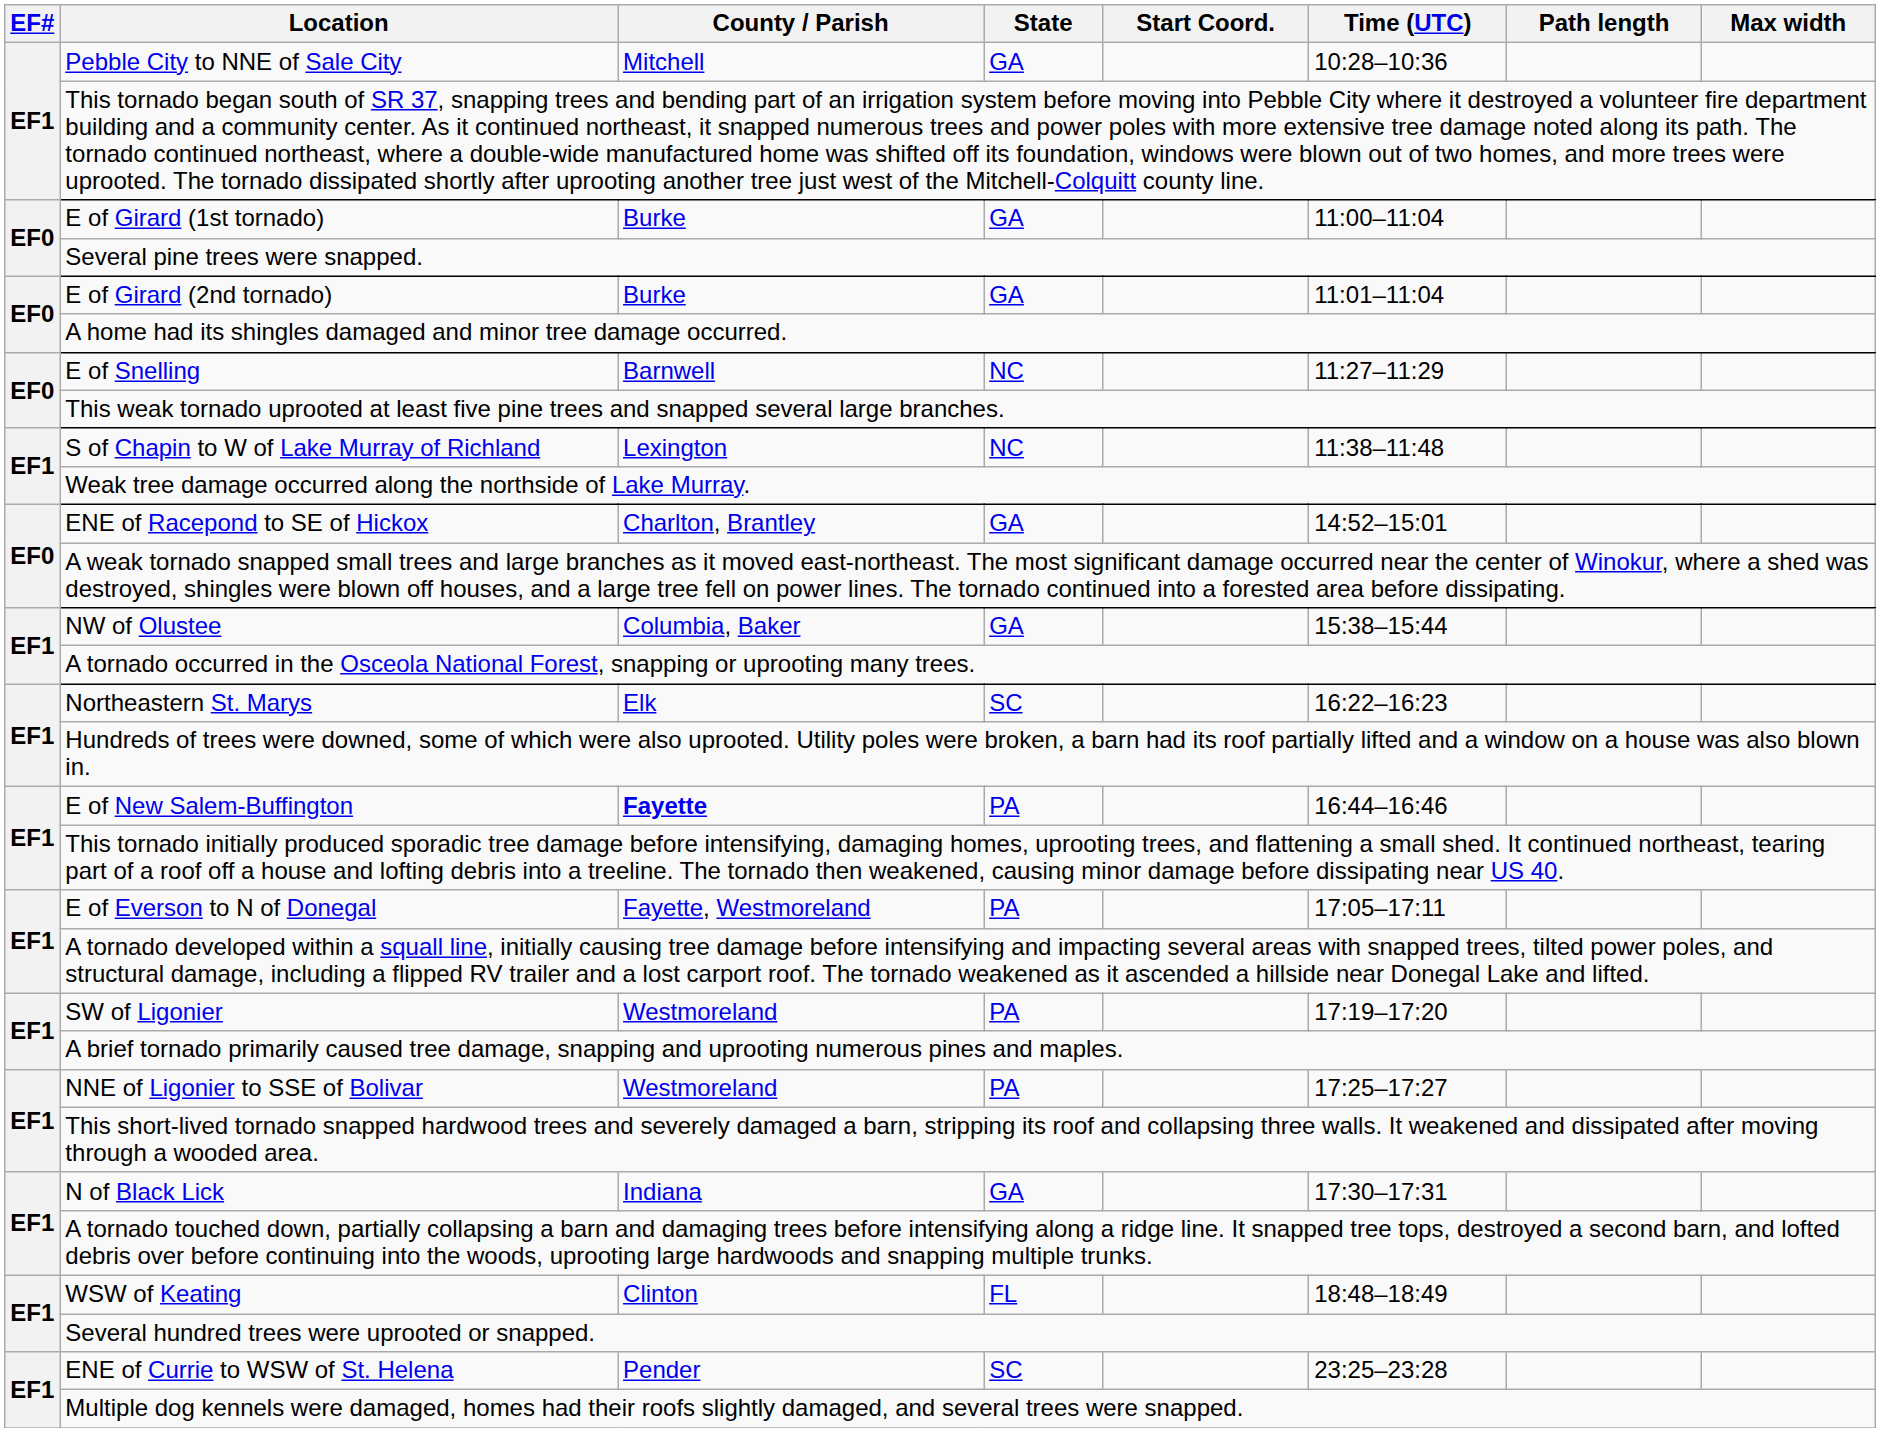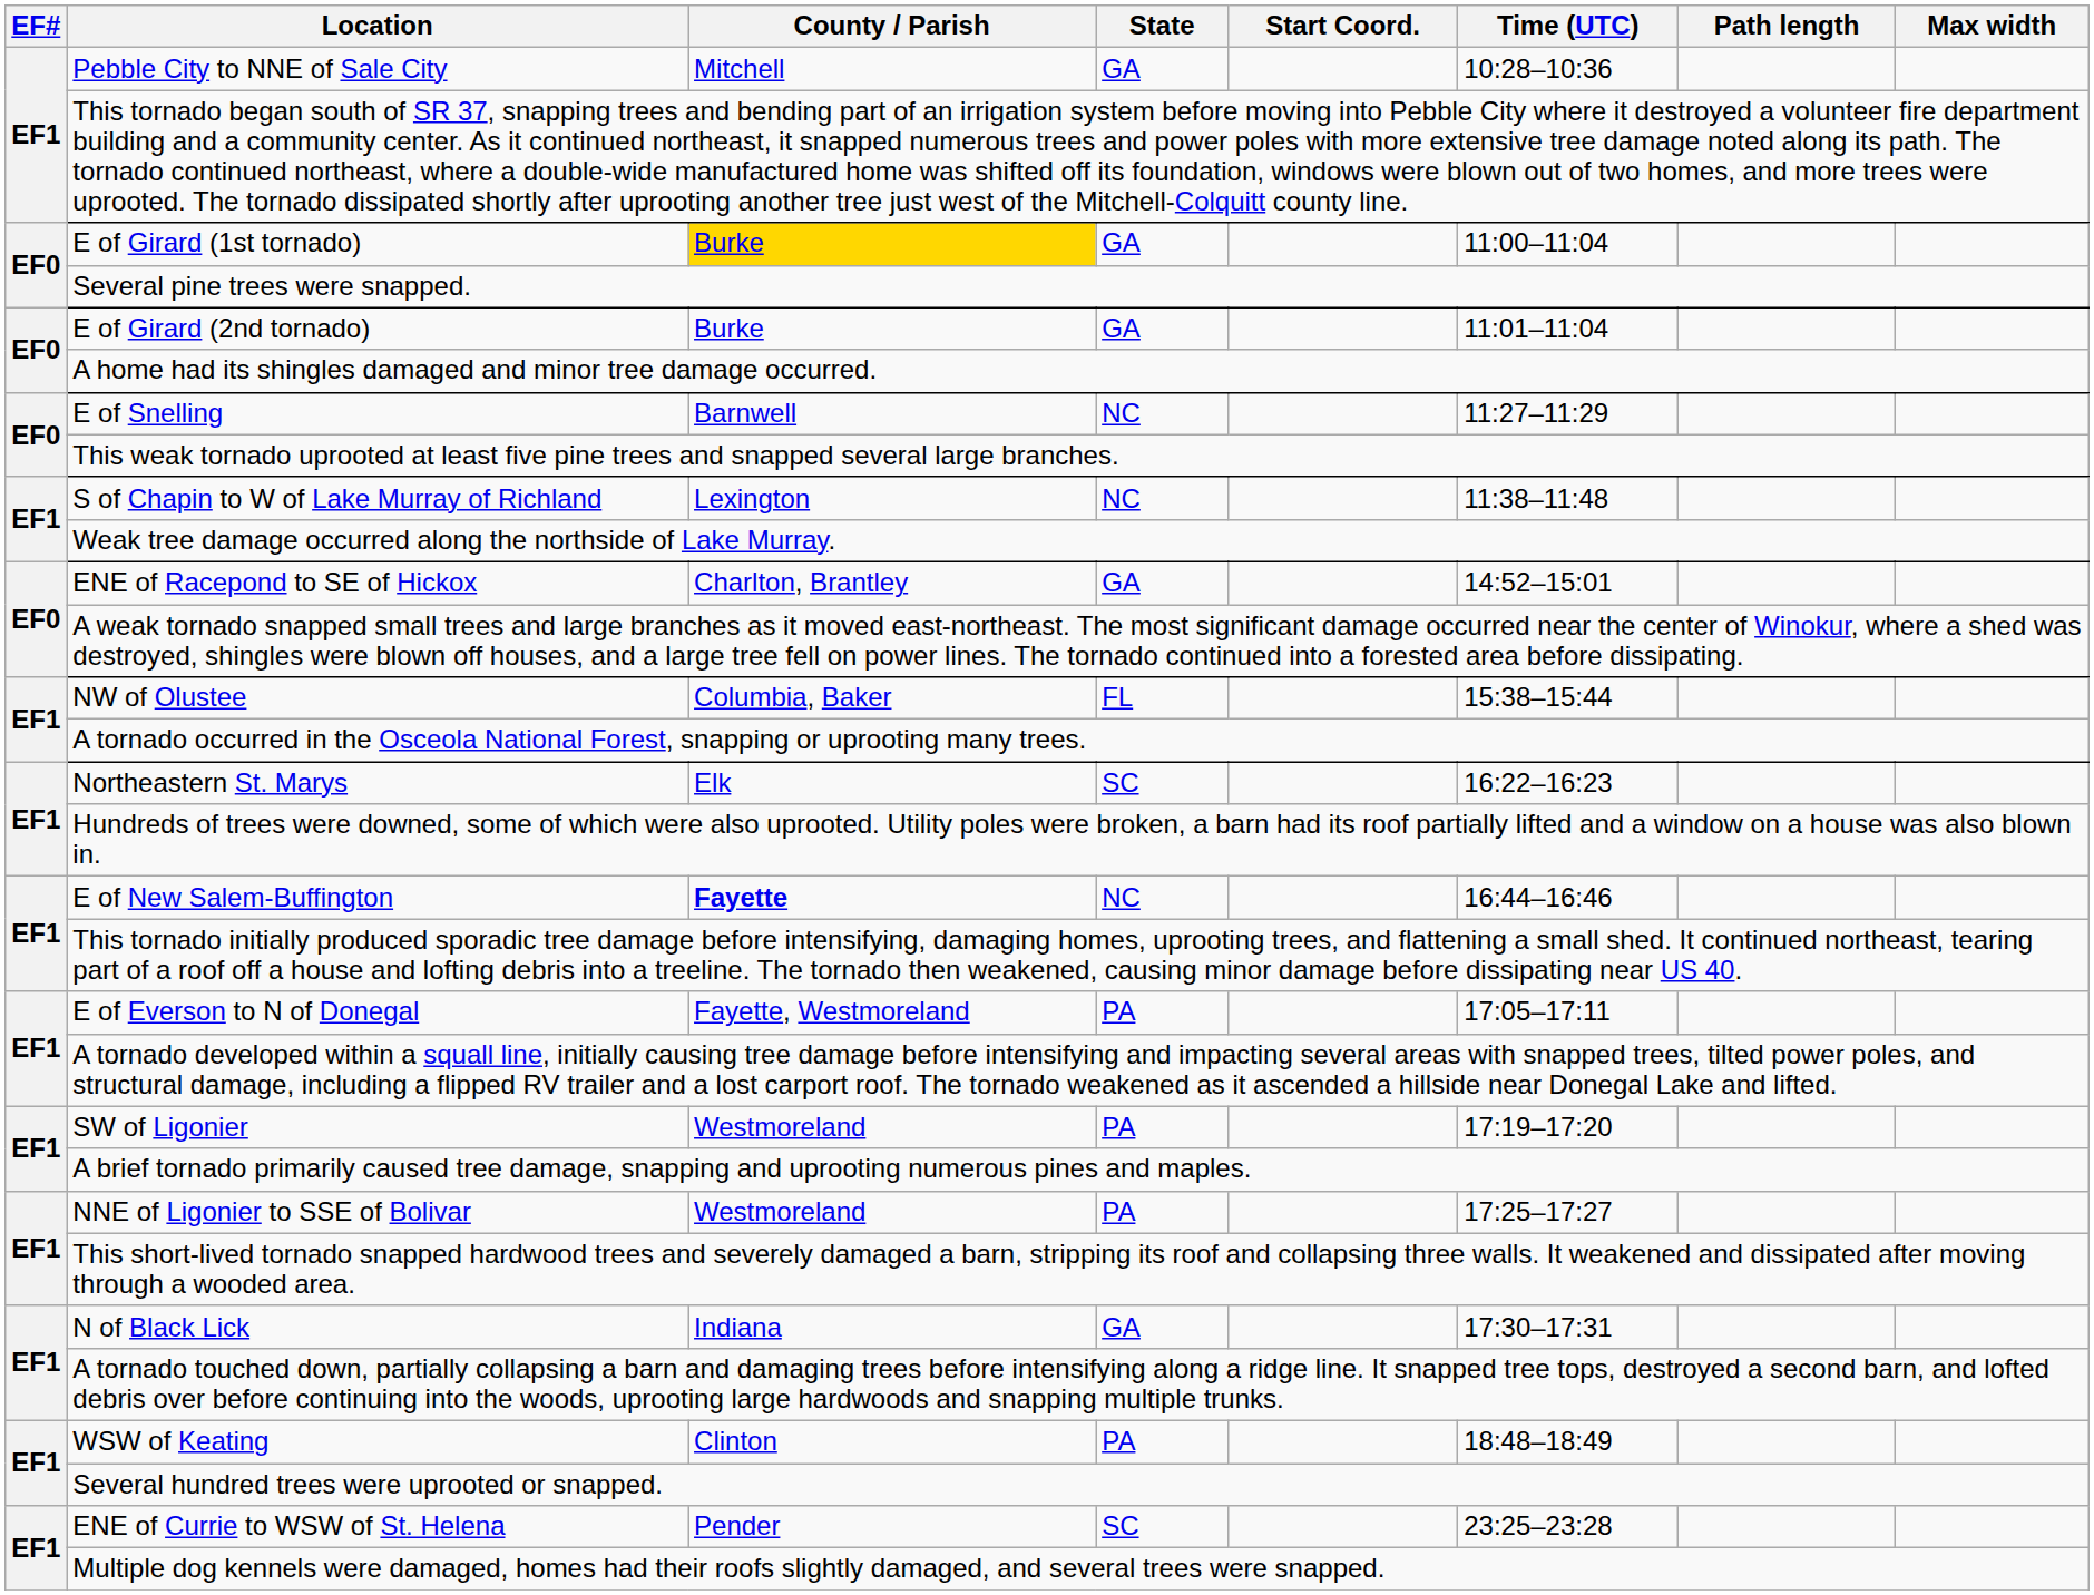 <table class="wikitable sortable">
 <tr>
 <th scope="col"><a href='#'>EF#</a></th>
 <th scope="col" class="unsortable">Location</th>
 <th scope="col" class="unsortable">County / Parish</th>
 <th scope="col">State</th>
 <th scope="col">Start Coord.</th>
 <th scope="col">Time (<a href='#'>UTC</a>)</th>
 <th scope="col">Path length</th>
 <th scope="col">Max width</th>
 </tr>
 <tr>
 <th scope="row" rowspan="2" style="background-color:#">EF1</th>
 <td><a href='#'>Pebble City</a> to NNE of <a href='#'>Sale City</a></td>
 <td><a href='#'>Mitchell</a></td>
 <td><a href='#'>GA</a></td>
 <td></td>
 <td>10:28–10:36</td>
 <td></td>
 <td></td>
 </tr>
 <tr class="expand-child">
 <td colspan="8" style=" border-bottom: 1px solid black;">This tornado began south of <a href='#'>SR 37</a>, snapping trees and bending part of an irrigation system before moving into Pebble City where it destroyed a volunteer fire department building and a community center. As it continued northeast, it snapped numerous trees and power poles with more extensive tree damage noted along its path. The tornado continued northeast, where a double-wide manufactured home was shifted off its foundation, windows were blown out of two homes, and more trees were uprooted. The tornado dissipated shortly after uprooting another tree just west of the Mitchell-<a href='#'>Colquitt</a> county line.</td>
 </tr>
 <tr>
 <th scope="row" rowspan="2" style="background-color:#">EF0</th>
 <td>E of <a href='#'>Girard</a> (1st tornado)</td>
-<td><a href='#'>Burke</a></td>
+<td style="background: gold;"><a href='#'>Burke</a></td>
 <td><a href='#'>GA</a></td>
 <td></td>
 <td>11:00–11:04</td>
 <td></td>
 <td></td>
 </tr>
 <tr class="expand-child">
 <td colspan="8" style=" border-bottom: 1px solid black;">Several pine trees were snapped.</td>
 </tr>
 <tr>
 <th scope="row" rowspan="2" style="background-color:#">EF0</th>
 <td>E of <a href='#'>Girard</a> (2nd tornado)</td>
 <td><a href='#'>Burke</a></td>
 <td><a href='#'>GA</a></td>
 <td></td>
 <td>11:01–11:04</td>
 <td></td>
 <td></td>
 </tr>
 <tr class="expand-child">
 <td colspan="8" style=" border-bottom: 1px solid black;">A home had its shingles damaged and minor tree damage occurred.</td>
 </tr>
 <tr>
 <th scope="row" rowspan="2" style="background-color:#">EF0</th>
 <td>E of <a href='#'>Snelling</a></td>
 <td><a href='#'>Barnwell</a></td>
 <td><a href='#'>NC</a></td>
 <td></td>
 <td>11:27–11:29</td>
 <td></td>
 <td></td>
 </tr>
 <tr class="expand-child">
 <td colspan="8" style=" border-bottom: 1px solid black;">This weak tornado uprooted at least five pine trees and snapped several large branches.</td>
 </tr>
 <tr>
 <th scope="row" rowspan="2" style="background-color:#">EF1</th>
 <td>S of <a href='#'>Chapin</a> to W of <a href='#'>Lake Murray of Richland</a></td>
 <td><a href='#'>Lexington</a></td>
 <td><a href='#'>NC</a></td>
 <td></td>
 <td>11:38–11:48</td>
 <td></td>
 <td></td>
 </tr>
 <tr class="expand-child">
 <td colspan="8" style=" border-bottom: 1px solid black;">Weak tree damage occurred along the northside of <a href='#'>Lake Murray</a>.</td>
 </tr>
 <tr>
 <th scope="row" rowspan="2" style="background-color:#">EF0</th>
 <td>ENE of <a href='#'>Racepond</a> to SE of <a href='#'>Hickox</a></td>
 <td><a href='#'>Charlton</a>, <a href='#'>Brantley</a></td>
 <td><a href='#'>GA</a></td>
 <td></td>
 <td>14:52–15:01</td>
 <td></td>
 <td></td>
 </tr>
 <tr class="expand-child">
 <td colspan="8" style=" border-bottom: 1px solid black;">A weak tornado snapped small trees and large branches as it moved east-northeast. The most significant damage occurred near the center of <a href='#'>Winokur</a>, where a shed was destroyed, shingles were blown off houses, and a large tree fell on power lines. The tornado continued into a forested area before dissipating.</td>
 </tr>
 <tr>
 <th scope="row" rowspan="2" style="background-color:#">EF1</th>
 <td>NW of <a href='#'>Olustee</a></td>
 <td><a href='#'>Columbia</a>, <a href='#'>Baker</a></td>
-<td><a href='#'>GA</a></td>
+<td><a href='#'>FL</a></td>
 <td></td>
 <td>15:38–15:44</td>
 <td></td>
 <td></td>
 </tr>
 <tr class="expand-child">
 <td colspan="8" style=" border-bottom: 1px solid black;">A tornado occurred in the <a href='#'>Osceola National Forest</a>, snapping or uprooting many trees.</td>
 </tr>
 <tr>
 <th scope="row" rowspan="2" style="background-color:#">EF1</th>
 <td>Northeastern <a href='#'>St. Marys</a></td>
 <td><a href='#'>Elk</a></td>
 <td><a href='#'>SC</a></td>
 <td></td>
 <td>16:22–16:23</td>
 <td></td>
 <td></td>
 </tr>
 <tr class="expand-child">
 <td colspan="7">Hundreds of trees were downed, some of which were also uprooted. Utility poles were broken, a barn had its roof partially lifted and a window on a house was also blown in.</td>
 </tr>
 <tr>
 <th scope="row" rowspan="2" style="background-color:#">EF1</th>
 <td>E of <a href='#'>New Salem-Buffington</a></td>
 <td><strong><a href='#'>Fayette</a></strong></td>
-<td><a href='#'>PA</a></td>
+<td><a href='#'>NC</a></td>
 <td></td>
 <td>16:44–16:46</td>
 <td></td>
 <td></td>
 </tr>
 <tr class="expand-child">
 <td colspan="7">This tornado initially produced sporadic tree damage before intensifying, damaging homes, uprooting trees, and flattening a small shed. It continued northeast, tearing part of a roof off a house and lofting debris  into a treeline. The tornado then weakened, causing minor damage before dissipating near <a href='#'>US 40</a>.</td>
 </tr>
 <tr>
 <th scope="row" rowspan="2" style="background-color:#">EF1</th>
 <td>E of <a href='#'>Everson</a> to N of <a href='#'>Donegal</a></td>
 <td><a href='#'>Fayette</a>, <a href='#'>Westmoreland</a></td>
 <td><a href='#'>PA</a></td>
 <td></td>
 <td>17:05–17:11</td>
 <td></td>
 <td></td>
 </tr>
 <tr class="expand-child">
 <td colspan="7">A tornado developed within a <a href='#'>squall line</a>, initially causing tree damage before intensifying and impacting several areas with snapped trees, tilted power poles, and structural damage, including a flipped RV trailer and a lost carport roof. The tornado weakened as it ascended a hillside near Donegal Lake and lifted.</td>
 </tr>
 <tr>
 <th scope="row" rowspan="2" style="background-color:#">EF1</th>
 <td>SW of <a href='#'>Ligonier</a></td>
 <td><a href='#'>Westmoreland</a></td>
 <td><a href='#'>PA</a></td>
 <td></td>
 <td>17:19–17:20</td>
 <td></td>
 <td></td>
 </tr>
 <tr class="expand-child">
 <td colspan="7">A brief tornado primarily caused tree damage, snapping and uprooting numerous pines and maples.</td>
 </tr>
 <tr>
 <th scope="row" rowspan="2" style="background-color:#">EF1</th>
 <td>NNE of <a href='#'>Ligonier</a> to SSE of <a href='#'>Bolivar</a></td>
 <td><a href='#'>Westmoreland</a></td>
 <td><a href='#'>PA</a></td>
 <td></td>
 <td>17:25–17:27</td>
 <td></td>
 <td></td>
 </tr>
 <tr class="expand-child">
 <td colspan="7">This short-lived tornado snapped hardwood trees and severely damaged a barn, stripping its roof and collapsing three walls. It weakened and dissipated after moving through a wooded area.</td>
 </tr>
 <tr>
 <th scope="row" rowspan="2" style="background-color:#">EF1</th>
 <td>N of <a href='#'>Black Lick</a></td>
 <td><a href='#'>Indiana</a></td>
 <td><a href='#'>GA</a></td>
 <td></td>
 <td>17:30–17:31</td>
 <td></td>
 <td></td>
 </tr>
 <tr class="expand-child">
 <td colspan="7">A tornado touched down, partially collapsing a barn and damaging trees before intensifying along a ridge line. It snapped tree tops, destroyed a second barn, and lofted debris over  before continuing into the woods, uprooting large hardwoods and snapping multiple trunks.</td>
 </tr>
 <tr>
 <th scope="row" rowspan="2" style="background-color:#">EF1</th>
 <td>WSW of <a href='#'>Keating</a></td>
 <td><a href='#'>Clinton</a></td>
-<td><a href='#'>FL</a></td>
+<td><a href='#'>PA</a></td>
 <td></td>
 <td>18:48–18:49</td>
 <td></td>
 <td></td>
 </tr>
 <tr class="expand-child">
 <td colspan="7">Several hundred trees were uprooted or snapped.</td>
 </tr>
 <tr>
 <th scope="row" rowspan="2" style="background-color:#">EF1</th>
 <td>ENE of <a href='#'>Currie</a> to WSW of <a href='#'>St. Helena</a></td>
 <td><a href='#'>Pender</a></td>
 <td><a href='#'>SC</a></td>
 <td></td>
 <td>23:25–23:28</td>
 <td></td>
 <td></td>
 </tr>
 <tr class="expand-child">
 <td colspan="7">Multiple dog kennels were damaged, homes had their roofs slightly damaged, and several trees were snapped.</td>
 </tr>
 <tr>
 </tr>
 </table>
